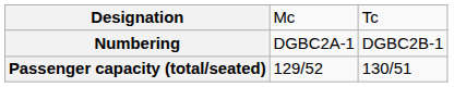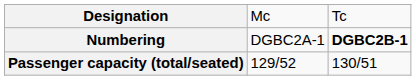 <table class="wikitable">
 <tr>
 <th>Designation</th>
 <td>Mc</td>
 <td>Tc</td>
 </tr>
 <tr>
 <th>Numbering</th>
 <td>DGBC2A-1</td>
-<td>DGBC2B-1</td>
+<td><strong>DGBC2B-1</strong></td>
 </tr>
 <tr>
 <th>Passenger capacity (total/seated)</th>
 <td>129/52</td>
 <td>130/51</td>
 </tr>
 </table>
